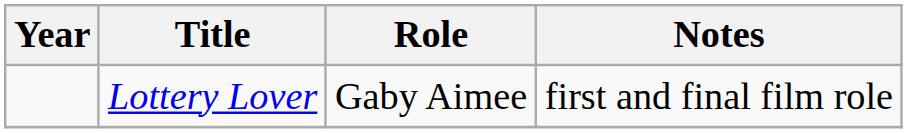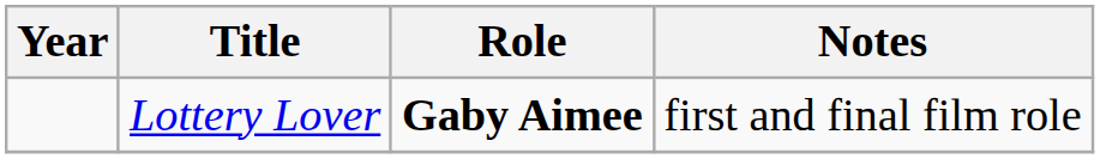 <table class="wikitable sortable">
 <tr>
 <th>Year</th>
 <th>Title</th>
 <th>Role</th>
 <th class="unsortable">Notes</th>
 </tr>
 <tr>
 <td></td>
 <td><em><a href='#'>Lottery Lover</a></em></td>
-<td>Gaby Aimee</td>
+<td><strong>Gaby Aimee</strong></td>
 <td>first and final film role</td>
 </tr>
 <tr>
 </tr>
 </table>
